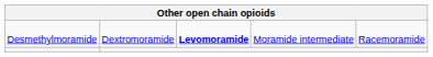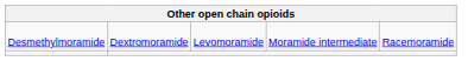 <table class="wikitable" style="font-size:smaller; text-align:center">
 <tr>
 <th colspan="5">Other open chain opioids</th>
 </tr>
 <tr>
 <td><br><a href='#'>Desmethylmoramide</a></td>
 <td><br><a href='#'>Dextromoramide</a></td>
-<td><strong><br><a href='#'>Levomoramide</a></strong></td>
+<td><br><a href='#'>Levomoramide</a></td>
 <td><br><a href='#'>Moramide intermediate</a></td>
 <td><br><a href='#'>Racemoramide</a></td>
 </tr>
 <tr>
 <td></td>
 </tr>
 </table>
